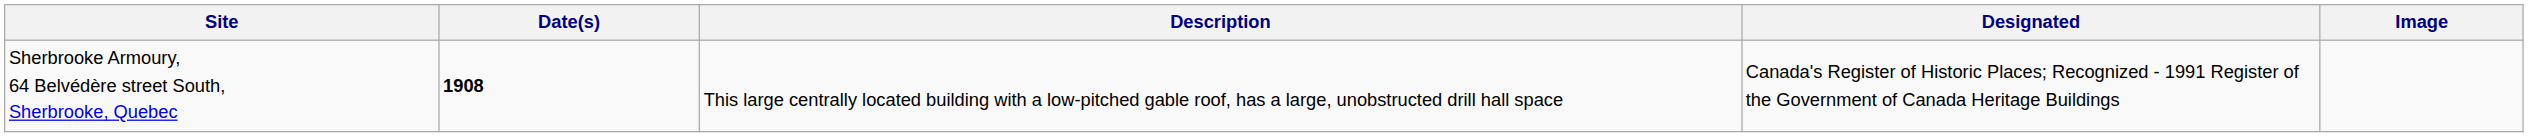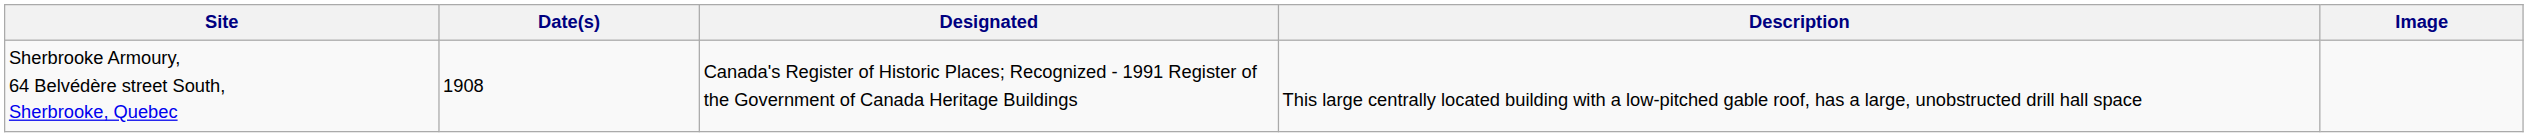 <table class="wikitable sortable" style="font-size:90%; width:100%; border:0; text-align:left; line-height:150%;">
 <tr>
 <th style="background:#f2f2f2; color:navy; width:15%;">Site</th>
 <th style="background:#f2f2f2; color:navy; width:9%;">Date(s)</th>
+<th style="background:#f2f2f2; color:navy; width:20%;">Designated</th>
 <th style="background:#f2f2f2; color:navy; width:36%;" class="unsortable">Description</th>
-<th style="background:#f2f2f2; color:navy; width:20%;">Designated</th>
 <th style="background:#f2f2f2; color:navy; width:7%;" class="unsortable">Image</th>
 </tr>
 <tr>
 <td>Sherbrooke Armoury,<br>64 Belvédère street South,<br><a href='#'>Sherbrooke, Quebec</a></td>
-<td><strong>1908</strong></td>
+<td>1908</td>
+<td>Canada's Register of Historic Places;  Recognized - 1991 Register of the Government of Canada Heritage Buildings</td>
 <td><br>This large centrally located building with a low-pitched gable roof, has a large, unobstructed drill hall space</td>
-<td>Canada's Register of Historic Places;  Recognized - 1991 Register of the Government of Canada Heritage Buildings</td>
 <td></td>
 </tr>
 </table>
